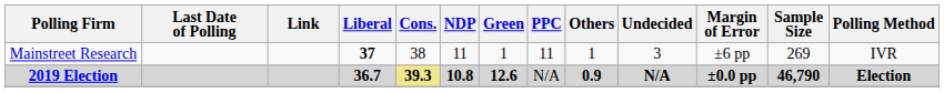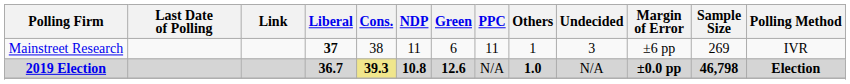 <table class="wikitable sortable" style="text-align:center;font-size:90%;line-height:14px;">
 <tr style="background:#e9e9e9;">
 <th style="width:120px">Polling Firm</th>
 <th style="width:110px">Last Date<br>of Polling</th>
 <th style="width:60px" class="unsortable">Link</th>
 <th style="background-color:"><a href='#'>Liberal</a></th>
 <th style="background-color:"><a href='#'>Cons.</a></th>
 <th style="background-color:"><a href='#'>NDP</a></th>
 <th style="background-color:"><a href='#'>Green</a></th>
 <th style="background-color:"><a href='#'><span>PPC</span></a></th>
 <th style="background-color:">Others</th>
 <th style="background-color:">Undecided</th>
 <th style="width:60px;" class=unsortable>Margin<br>of Error</th>
 <th style="width:50px;" class=unsortable>Sample<br>Size</th>
 <th class=unsortable>Polling Method</th>
 </tr>
 <tr>
 <td><a href='#'>Mainstreet Research</a></td>
 <td></td>
 <td></td>
 <td><strong>37</strong></td>
 <td>38</td>
 <td>11</td>
-<td>1</td>
+<td>6</td>
 <td>11</td>
 <td>1</td>
 <td>3</td>
 <td>±6 pp</td>
 <td>269</td>
 <td>IVR</td>
 </tr>
 <tr>
 <td style="background:#D5D5D5"><strong><a href='#'>2019 Election</a></strong></td>
 <td style="background:#D5D5D5"><strong></strong></td>
 <td style="background:#D5D5D5"></td>
 <td style="background:#D5D5D5"><strong>36.7</strong></td>
 <td style="background: khaki;"><strong>39.3</strong></td>
 <td style="background:#D5D5D5"><strong>10.8</strong></td>
 <td style="background:#D5D5D5"><strong>12.6</strong></td>
 <td style="background:#D5D5D5">N/A</td>
-<td style="background:#D5D5D5"><strong>0.9</strong></td>
-<td style="background:#D5D5D5"><strong>N/A</strong></td>
+<td style="background:#D5D5D5"><strong>1.0</strong></td>
+<td style="background:#D5D5D5">N/A</td>
 <td style="background:#D5D5D5"><strong>±0.0 pp</strong></td>
-<td style="background:#D5D5D5"><strong>46,790</strong></td>
+<td style="background:#D5D5D5"><strong>46,798</strong></td>
 <td style="background:#D5D5D5"><strong>Election</strong></td>
 </tr>
 <tr>
 </tr>
 <tr>
 </tr>
 </table>
